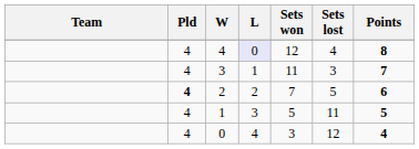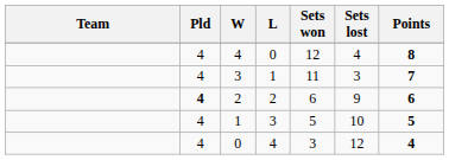 <table class=wikitable style="text-align:center" width=500>
 <tr>
 <th width=25%>Team</th>
 <th width=5%>Pld</th>
 <th width=5%>W</th>
 <th width=5%>L</th>
 <th width=5%>Sets won</th>
 <th width=5%>Sets lost</th>
 <th width=8%>Points</th>
 </tr>
 <tr>
 </tr>
 <tr>
 <td align="left"></td>
 <td>4</td>
 <td>4</td>
-<td style="background: lavender;">0</td>
+<td>0</td>
 <td>12</td>
 <td>4</td>
 <td><strong>8</strong></td>
 </tr>
 <tr>
 <td align="left"></td>
 <td>4</td>
 <td>3</td>
 <td>1</td>
 <td>11</td>
 <td>3</td>
 <td><strong>7</strong></td>
 </tr>
 <tr>
 <td align="left"></td>
 <td><strong>4</strong></td>
 <td>2</td>
 <td>2</td>
-<td>7</td>
-<td>5</td>
+<td>6</td>
+<td>9</td>
 <td><strong>6</strong></td>
 </tr>
 <tr>
 <td align="left"></td>
 <td>4</td>
 <td>1</td>
 <td>3</td>
 <td>5</td>
-<td>11</td>
+<td>10</td>
 <td><strong>5</strong></td>
 </tr>
 <tr>
 <td align="left"></td>
 <td>4</td>
 <td>0</td>
 <td>4</td>
 <td>3</td>
 <td>12</td>
 <td><strong>4</strong></td>
 </tr>
 </table>
